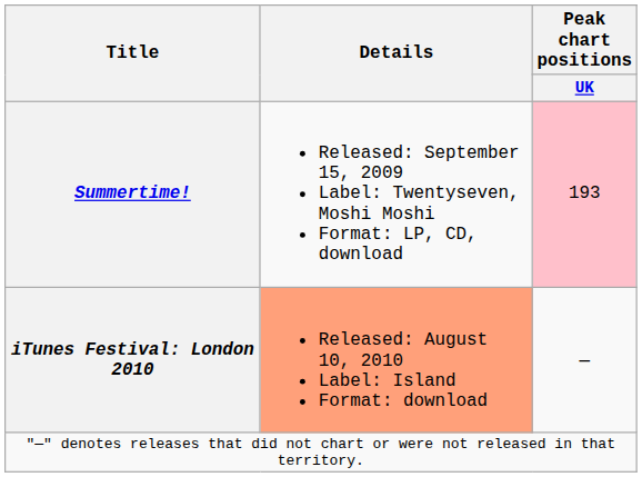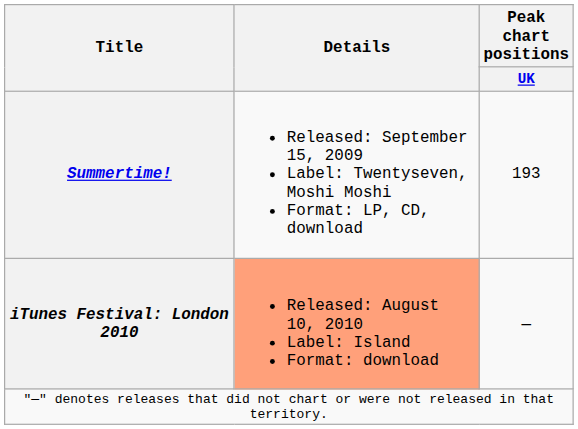 <table class="wikitable plainrowheaders">
 <tr>
 <th scope="col" rowspan="2" style="width:14em;">Title</th>
 <th scope="col" rowspan="2" style="width:15em;">Details</th>
 <th scope="col">Peak<br>chart<br>positions</th>
 </tr>
 <tr>
 <th scope="col" style="width:3em;font-size:90%;"><a href='#'>UK</a><br></th>
 </tr>
 <tr>
 <th scope="row"><em><a href='#'>Summertime!</a></em></th>
 <td><br><ul><li>Released: September 15, 2009</li><li>Label: Twentyseven, Moshi Moshi</li><li>Format: LP, CD, download</li></ul></td>
-<td style="background: pink; text-align:center;">193</td>
+<td style="text-align:center;">193</td>
 </tr>
 <tr>
 <th scope="row"><em>iTunes Festival: London 2010</em></th>
 <td style="background: lightsalmon;"><br><ul><li>Released: August 10, 2010</li><li>Label: Island</li><li>Format: download</li></ul></td>
 <td style="text-align:center;">—</td>
 </tr>
 <tr>
 <td colspan="13" style="text-align:center; font-size:8pt;">"—" denotes releases that did not chart or were not released in that territory.</td>
 </tr>
 </table>
